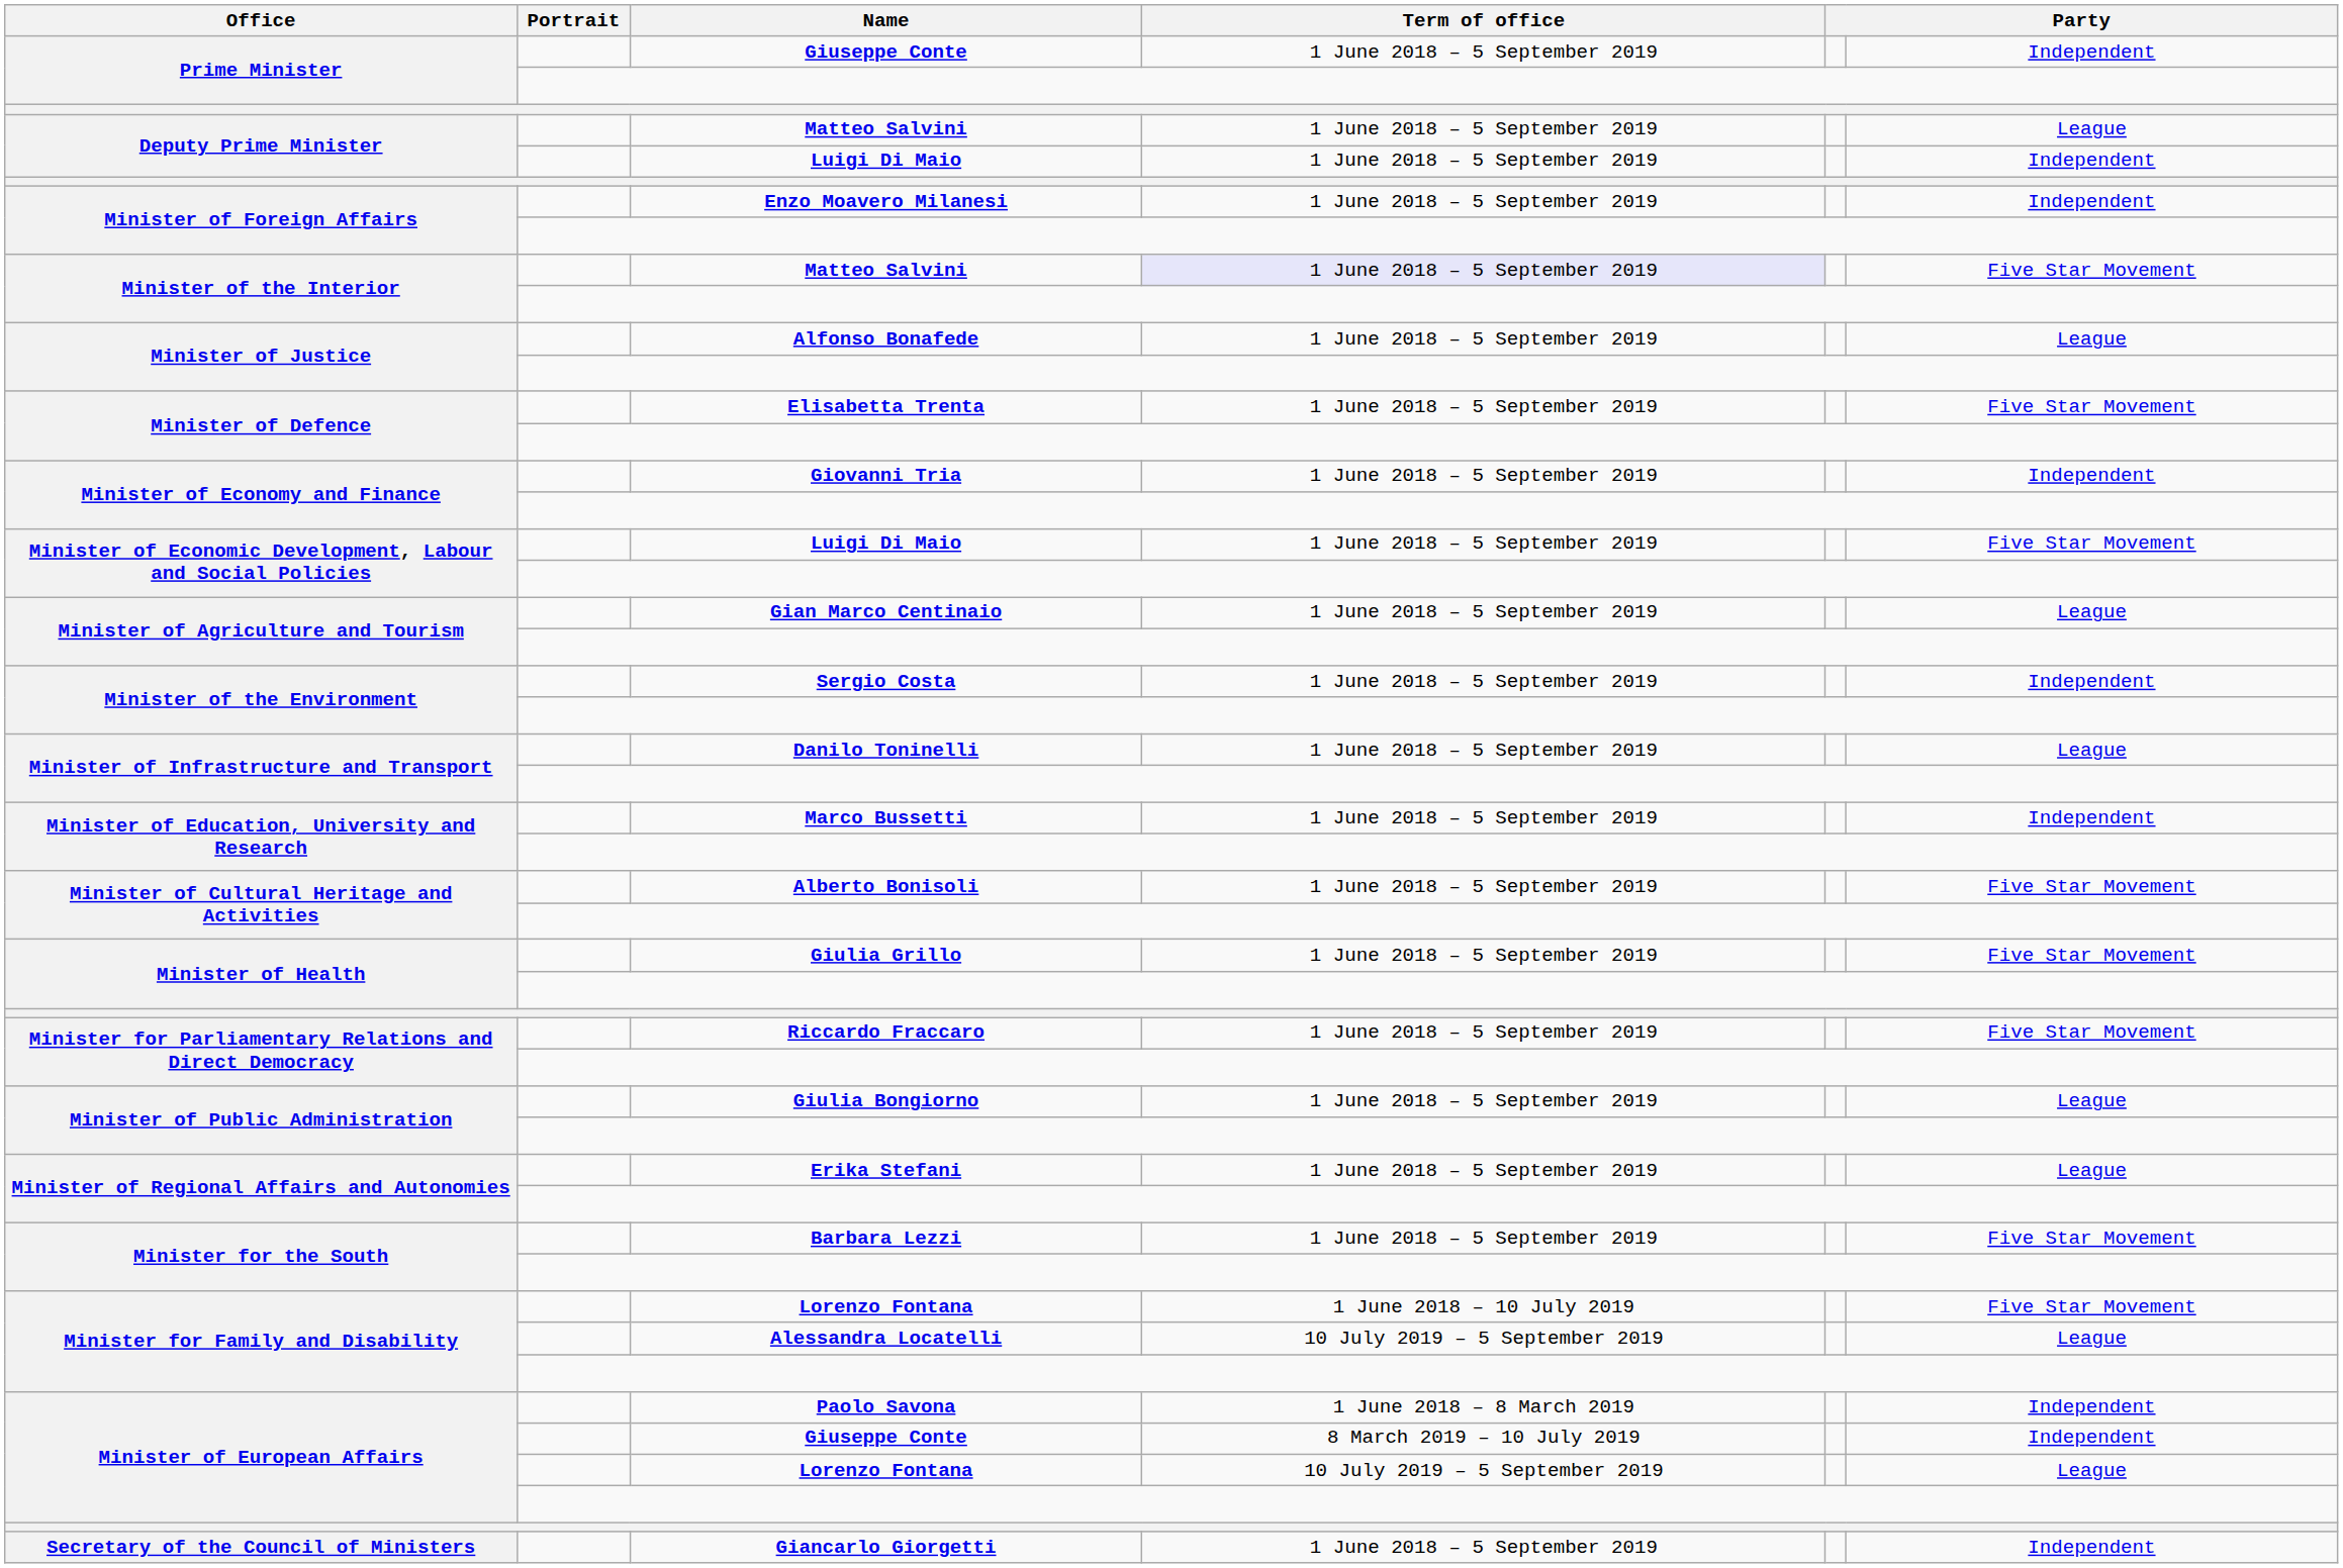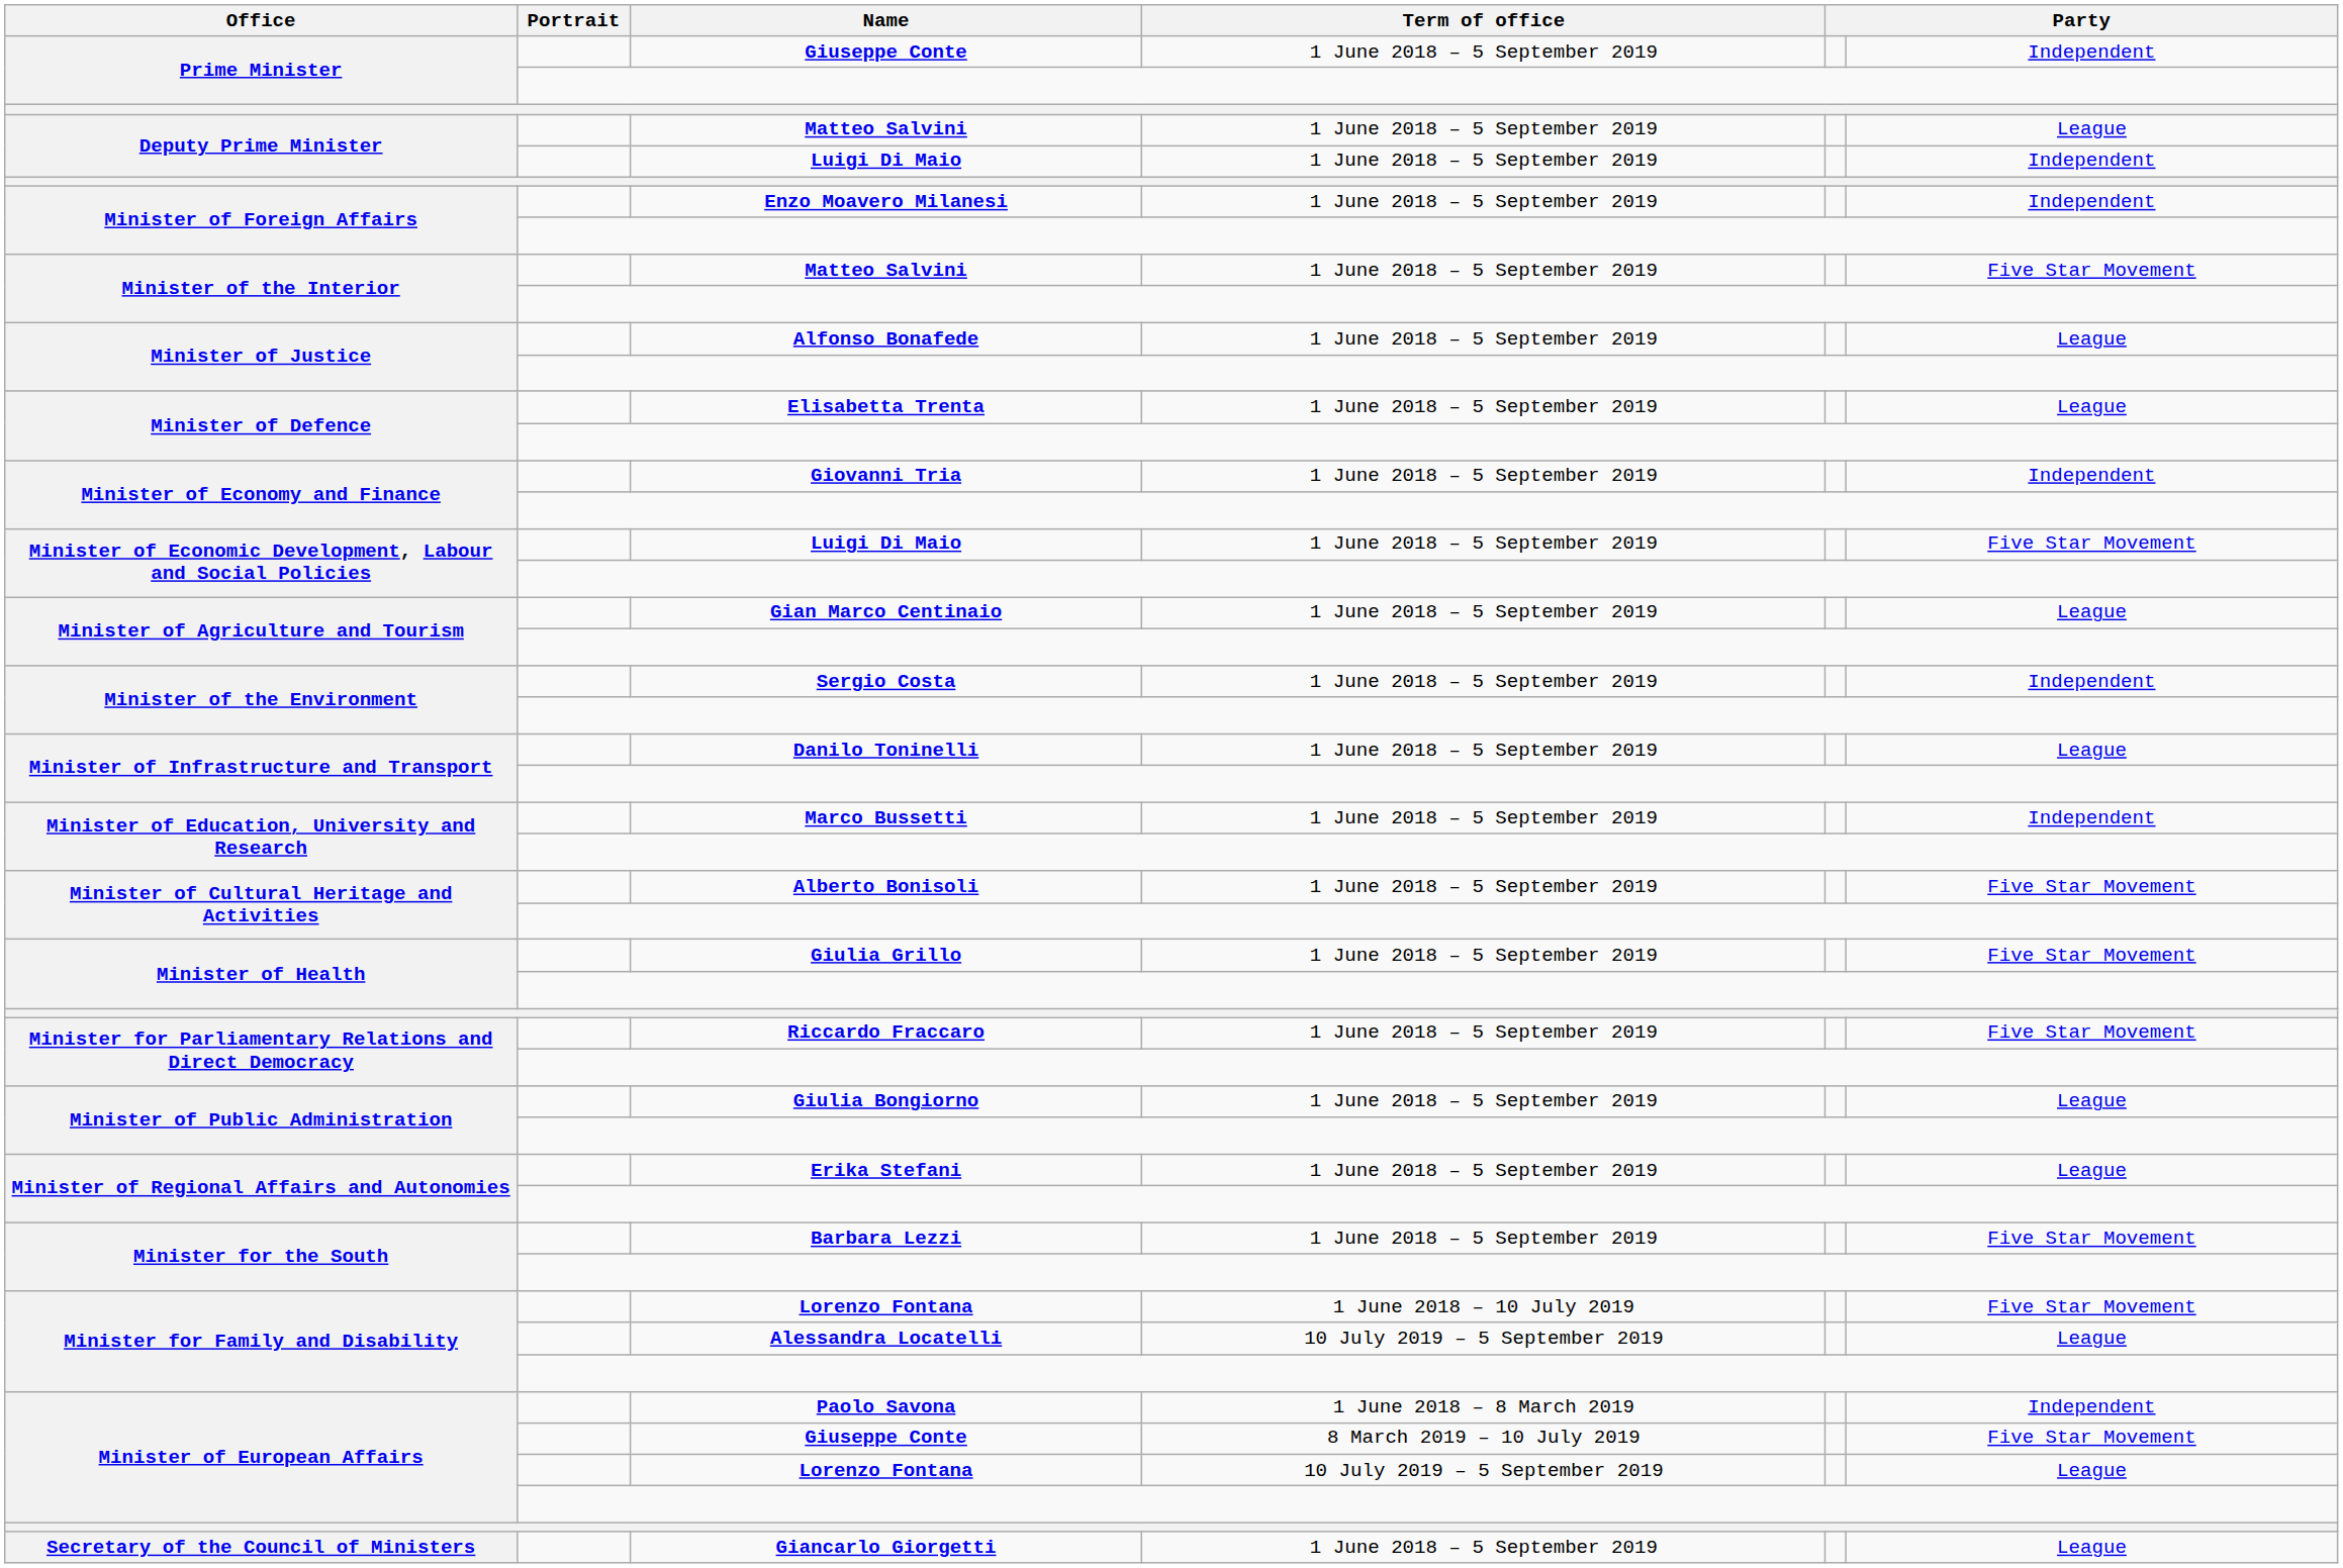 <table class="wikitable" style="text-align:center;">
 <tr>
 <th width=15%>Office</th>
 <th width=1%>Portrait</th>
 <th width=15%>Name</th>
 <th width=20%>Term of office</th>
 <th width=15% colspan=2>Party</th>
 </tr>
 <tr>
 <th rowspan=2><a href='#'>Prime Minister</a></th>
 <td></td>
 <td><strong><a href='#'>Giuseppe Conte</a></strong></td>
 <td>1 June 2018 – 5 September 2019</td>
 <td></td>
 <td><a href='#'>Independent</a></td>
 </tr>
 <tr>
 <td colspan="5" style="font-size:95%; line-height:19px;"><br></td>
 </tr>
 <tr>
 <th colspan=6></th>
 </tr>
 <tr>
 <th rowspan=2><a href='#'>Deputy Prime Minister</a></th>
 <td></td>
 <td><strong><a href='#'>Matteo Salvini</a></strong></td>
 <td>1 June 2018 – 5 September 2019</td>
 <td></td>
 <td><a href='#'>League</a></td>
 </tr>
 <tr>
 <td></td>
 <td><strong><a href='#'>Luigi Di Maio</a></strong></td>
 <td>1 June 2018 – 5 September 2019</td>
 <td></td>
 <td><a href='#'>Independent</a></td>
 </tr>
 <tr>
 <th colspan=6></th>
 </tr>
 <tr>
 <th rowspan=2><a href='#'>Minister of Foreign Affairs</a></th>
 <td></td>
 <td><strong><a href='#'>Enzo Moavero Milanesi</a></strong></td>
 <td>1 June 2018 – 5 September 2019</td>
 <td></td>
 <td><a href='#'>Independent</a></td>
 </tr>
 <tr>
 <td colspan="5" style="font-size:95%; line-height:19px;"><br> </td>
 </tr>
 <tr>
 <th rowspan=2><a href='#'>Minister of the Interior</a></th>
 <td></td>
 <td><strong><a href='#'>Matteo Salvini</a></strong></td>
-<td style="background: lavender;">1 June 2018 – 5 September 2019</td>
+<td>1 June 2018 – 5 September 2019</td>
 <td></td>
 <td><a href='#'>Five Star Movement</a></td>
 </tr>
 <tr>
 <td colspan="5" style="font-size:95%; line-height:19px;"><br> </td>
 </tr>
 <tr>
 <th rowspan=2><a href='#'>Minister of Justice</a></th>
 <td></td>
 <td><strong><a href='#'>Alfonso Bonafede</a></strong></td>
 <td>1 June 2018 – 5 September 2019</td>
 <td style="color:inherit;background:"></td>
 <td><a href='#'>League</a></td>
 </tr>
 <tr>
 <td colspan="5" style="font-size:95%; line-height:19px;"><br></td>
 </tr>
 <tr>
 <th rowspan=2><a href='#'>Minister of Defence</a></th>
 <td></td>
 <td><strong><a href='#'>Elisabetta Trenta</a></strong></td>
 <td>1 June 2018 – 5 September 2019</td>
 <td style="color:inherit;background:"></td>
-<td><a href='#'>Five Star Movement</a></td>
+<td><a href='#'>League</a></td>
 </tr>
 <tr>
 <td colspan="5" style="font-size:95%; line-height:19px;"><br></td>
 </tr>
 <tr>
 <th rowspan=2><a href='#'>Minister of Economy and Finance</a></th>
 <td></td>
 <td><strong><a href='#'>Giovanni Tria</a></strong></td>
 <td>1 June 2018 – 5 September 2019</td>
 <td></td>
 <td><a href='#'>Independent</a></td>
 </tr>
 <tr>
 <td colspan="5" style="font-size:95%; line-height:19px;"><br> </td>
 </tr>
 <tr>
 <th rowspan=2><a href='#'>Minister of Economic Development</a>, <a href='#'>Labour and Social Policies</a></th>
 <td></td>
 <td><strong><a href='#'>Luigi Di Maio</a></strong></td>
 <td>1 June 2018 – 5 September 2019</td>
 <td></td>
 <td><a href='#'>Five Star Movement</a></td>
 </tr>
 <tr>
 <td colspan="5" style="font-size:95%; line-height:19px;"><br> </td>
 </tr>
 <tr>
 <th rowspan=2><a href='#'>Minister of Agriculture and Tourism</a></th>
 <td></td>
 <td><strong><a href='#'>Gian Marco Centinaio</a></strong></td>
 <td>1 June 2018 – 5 September 2019</td>
 <td></td>
 <td><a href='#'>League</a></td>
 </tr>
 <tr>
 <td colspan="5" style="font-size:95%; line-height:19px;"><br></td>
 </tr>
 <tr>
 <th rowspan=2><a href='#'>Minister of the Environment</a></th>
 <td></td>
 <td><strong><a href='#'>Sergio Costa</a></strong></td>
 <td>1 June 2018 – 5 September 2019</td>
 <td style="color:inherit;background:"></td>
 <td><a href='#'>Independent</a></td>
 </tr>
 <tr>
 <td colspan="5" style="font-size:95%; line-height:19px;"><br></td>
 </tr>
 <tr>
 <th rowspan=2><a href='#'>Minister of Infrastructure and Transport</a></th>
 <td></td>
 <td><strong><a href='#'>Danilo Toninelli</a></strong></td>
 <td>1 June 2018 – 5 September 2019</td>
 <td></td>
 <td><a href='#'>League</a></td>
 </tr>
 <tr>
 <td colspan="5" style="font-size:95%; line-height:19px;"><br> </td>
 </tr>
 <tr>
 <th rowspan=2><a href='#'>Minister of Education, University and Research</a></th>
 <td></td>
 <td><strong><a href='#'>Marco Bussetti</a></strong></td>
 <td>1 June 2018 – 5 September 2019</td>
 <td></td>
 <td><a href='#'>Independent</a></td>
 </tr>
 <tr>
 <td colspan="5" style="font-size:95%; line-height:19px;"><br> </td>
 </tr>
 <tr>
 <th rowspan=2><a href='#'>Minister of Cultural Heritage and Activities</a></th>
 <td></td>
 <td><strong><a href='#'>Alberto Bonisoli</a></strong></td>
 <td>1 June 2018 – 5 September 2019</td>
 <td></td>
 <td><a href='#'>Five Star Movement</a></td>
 </tr>
 <tr>
 <td colspan="5" style="font-size:95%; line-height:19px;"><br></td>
 </tr>
 <tr>
 <th rowspan=2><a href='#'>Minister of Health</a></th>
 <td></td>
 <td><strong><a href='#'>Giulia Grillo</a></strong></td>
 <td>1 June 2018 – 5 September 2019</td>
 <td></td>
 <td><a href='#'>Five Star Movement</a></td>
 </tr>
 <tr>
 <td colspan="5" style="font-size:95%; line-height:19px;"><br></td>
 </tr>
 <tr>
 <th colspan=6></th>
 </tr>
 <tr>
 <th rowspan=2><a href='#'>Minister for Parliamentary Relations and Direct Democracy</a><br></th>
 <td></td>
 <td><strong><a href='#'>Riccardo Fraccaro</a></strong></td>
 <td>1 June 2018 – 5 September 2019</td>
 <td style="color:inherit;background:"></td>
 <td><a href='#'>Five Star Movement</a></td>
 </tr>
 <tr>
 <td colspan="5" style="font-size:95%; line-height:19px;"><br></td>
 </tr>
 <tr>
 <th rowspan=2><a href='#'>Minister of Public Administration</a><br></th>
 <td></td>
 <td><strong><a href='#'>Giulia Bongiorno</a></strong></td>
 <td>1 June 2018 – 5 September 2019</td>
 <td></td>
 <td><a href='#'>League</a></td>
 </tr>
 <tr>
 <td colspan="5" style="font-size:95%; line-height:19px;"><br></td>
 </tr>
 <tr>
 <th rowspan=2><a href='#'>Minister of Regional Affairs and Autonomies</a><br></th>
 <td></td>
 <td><strong><a href='#'>Erika Stefani</a></strong></td>
 <td>1 June 2018 – 5 September 2019</td>
 <td></td>
 <td><a href='#'>League</a></td>
 </tr>
 <tr>
 <td colspan="5" style="font-size:95%; line-height:19px;"><br></td>
 </tr>
 <tr>
 <th rowspan=2><a href='#'>Minister for the South</a><br></th>
 <td></td>
 <td><strong><a href='#'>Barbara Lezzi</a></strong></td>
 <td>1 June 2018 – 5 September 2019</td>
 <td style="color:inherit;background:"></td>
 <td><a href='#'>Five Star Movement</a></td>
 </tr>
 <tr>
 <td colspan="5" style="font-size:95%; line-height:19px;"><br></td>
 </tr>
 <tr>
 <th rowspan=3><a href='#'>Minister for Family and Disability</a><br></th>
 <td></td>
 <td><strong><a href='#'>Lorenzo Fontana</a></strong></td>
 <td>1 June 2018 – 10 July 2019</td>
 <td></td>
 <td><a href='#'>Five Star Movement</a></td>
 </tr>
 <tr>
 <td></td>
 <td><strong><a href='#'>Alessandra Locatelli</a></strong></td>
 <td>10 July 2019 – 5 September 2019</td>
 <td></td>
 <td><a href='#'>League</a></td>
 </tr>
 <tr>
 <td colspan="5" style="font-size:95%; line-height:19px;"><br></td>
 </tr>
 <tr>
 <th rowspan=4><a href='#'>Minister of European Affairs</a><br></th>
 <td></td>
 <td><strong><a href='#'>Paolo Savona</a></strong></td>
 <td>1 June 2018 – 8 March 2019</td>
 <td></td>
 <td><a href='#'>Independent</a></td>
 </tr>
 <tr>
 <td></td>
 <td><strong><a href='#'>Giuseppe Conte</a></strong><br></td>
 <td>8 March 2019 – 10 July 2019</td>
 <td></td>
-<td><a href='#'>Independent</a></td>
+<td><a href='#'>Five Star Movement</a></td>
 </tr>
 <tr>
 <td></td>
 <td><strong><a href='#'>Lorenzo Fontana</a></strong></td>
 <td>10 July 2019 – 5 September 2019</td>
 <td></td>
 <td><a href='#'>League</a></td>
 </tr>
 <tr>
 <td colspan="5" style="font-size:95%; line-height:19px;"><br></td>
 </tr>
 <tr>
 <th colspan=6></th>
 </tr>
 <tr>
 <th><a href='#'>Secretary of the Council of Ministers</a></th>
 <td></td>
 <td><strong><a href='#'>Giancarlo Giorgetti</a></strong></td>
 <td>1 June 2018 – 5 September 2019</td>
 <td></td>
-<td><a href='#'>Independent</a></td>
+<td><a href='#'>League</a></td>
 </tr>
 </table>
